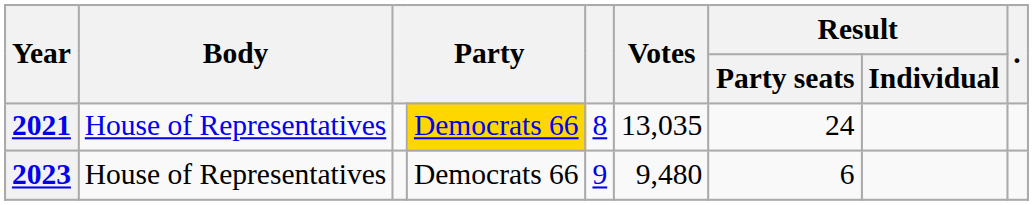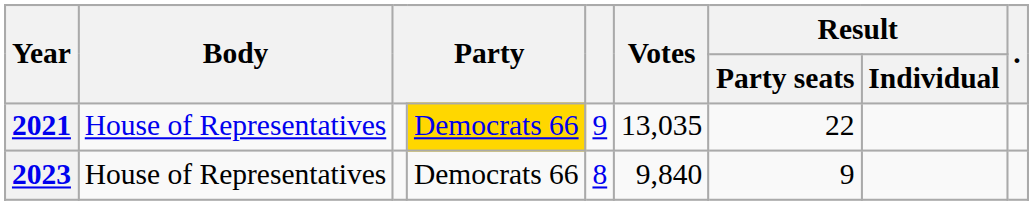 <table class="wikitable plainrowheaders sortable" border=2 cellpadding=4 cellspacing=0 style="border: 1px #aaa solid; font-size: 90%; text-align:center;">
 <tr>
 <th scope="col" rowspan=2>Year</th>
 <th scope="col" rowspan=2>Body</th>
 <th scope="col" colspan=2 rowspan=2>Party</th>
 <th scope="col" rowspan=2></th>
 <th scope="col" rowspan=2>Votes</th>
 <th scope="colgroup" colspan=2>Result</th>
 <th scope="col" rowspan=2 class="unsortable">.</th>
 </tr>
 <tr>
 <th scope="col">Party seats</th>
 <th scope="col">Individual</th>
 </tr>
 <tr>
 <th scope="row"><a href='#'>2021</a></th>
 <td><a href='#'>House of Representatives</a></td>
 <td style="background-color:"></td>
 <td style="background: gold;"><a href='#'>Democrats 66</a></td>
-<td style=text-align:right><a href='#'>8</a></td>
+<td style=text-align:right><a href='#'>9</a></td>
 <td style=text-align:right>13,035</td>
-<td style=text-align:right>24</td>
+<td style=text-align:right>22</td>
 <td></td>
 <td></td>
 </tr>
 <tr>
 <th scope="row"><a href='#'>2023</a></th>
 <td>House of Representatives</td>
 <td style="background-color:"></td>
 <td>Democrats 66</td>
-<td style=text-align:right><a href='#'>9</a></td>
-<td style=text-align:right>9,480</td>
-<td style=text-align:right>6</td>
+<td style=text-align:right><a href='#'>8</a></td>
+<td style=text-align:right>9,840</td>
+<td style=text-align:right>9</td>
 <td></td>
 <td></td>
 </tr>
 </table>
